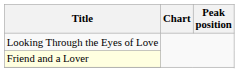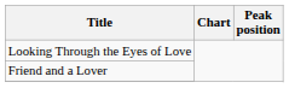 <table class="wikitable">
 <tr>
 <th>Title</th>
 <th>Chart</th>
 <th>Peak<br>position</th>
 </tr>
 <tr>
 <td rowspan="2">Looking Through the Eyes of Love<br></td>
 </tr>
 <tr>
 </tr>
 <tr>
-<td style="background: lightyellow;">Friend and a Lover<br></td>
+<td>Friend and a Lover<br></td>
 </tr>
 <tr>
 </tr>
 </table>
